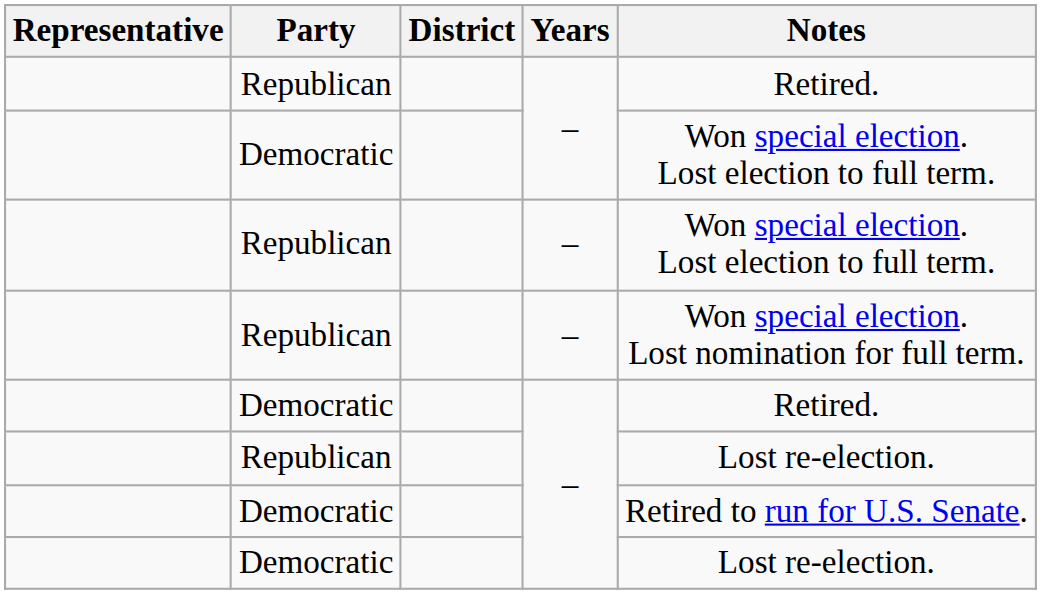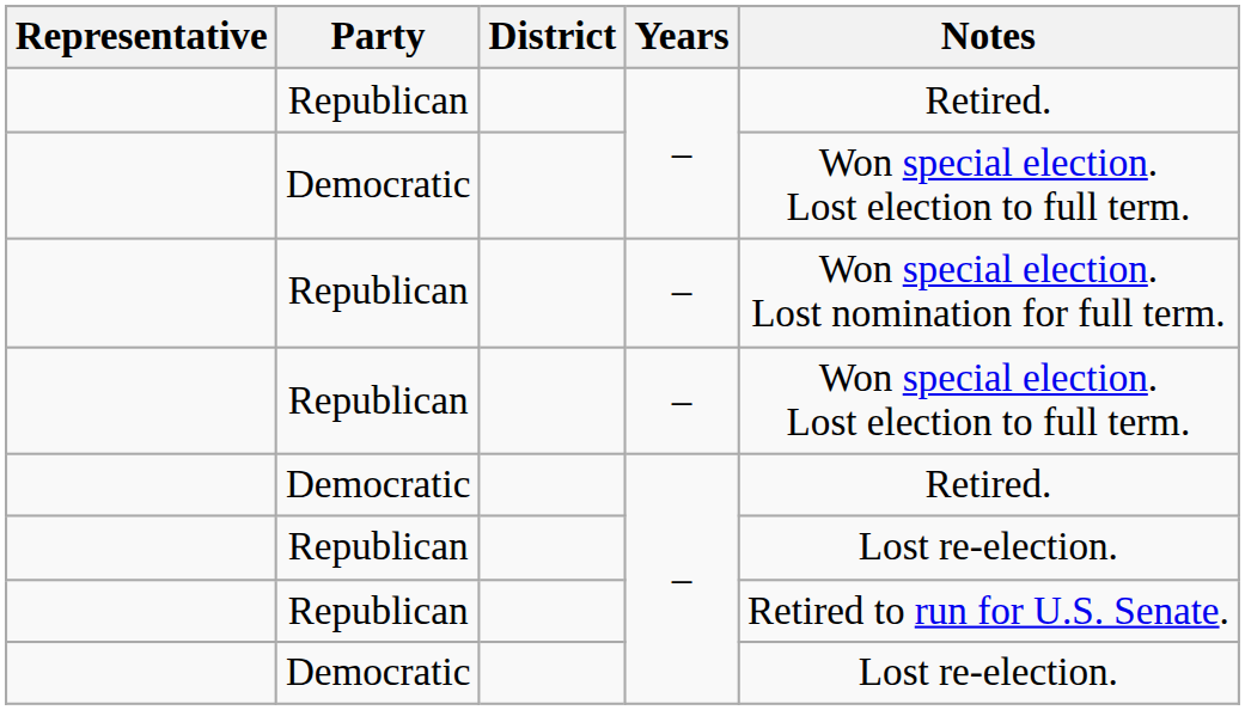 <table class="wikitable sortable" style="text-align:center">
 <tr valign=bottom>
 <th>Representative</th>
 <th>Party</th>
 <th>District</th>
 <th>Years</th>
 <th>Notes</th>
 </tr>
 <tr>
 <td align=left></td>
 <td>Republican</td>
 <td></td>
 <td rowspan="2" nowrap=""> –<br></td>
 <td>Retired.</td>
 </tr>
 <tr>
 <td align=left></td>
 <td>Democratic</td>
 <td></td>
 <td>Won <a href='#'>special election</a>.<br>Lost election to full term.</td>
 </tr>
 <tr>
 <td align=left></td>
 <td>Republican</td>
 <td></td>
 <td nowrap> –<br></td>
-<td>Won <a href='#'>special election</a>.<br>Lost election to full term.</td>
+<td>Won <a href='#'>special election</a>.<br>Lost nomination for full term.</td>
 </tr>
 <tr>
 <td align=left></td>
 <td>Republican</td>
 <td></td>
 <td nowrap> –<br></td>
-<td>Won <a href='#'>special election</a>.<br>Lost nomination for full term.</td>
+<td>Won <a href='#'>special election</a>.<br>Lost election to full term.</td>
 </tr>
 <tr>
 <td align=left></td>
 <td>Democratic</td>
 <td></td>
 <td rowspan="4" nowrap=""> –<br></td>
 <td>Retired.</td>
 </tr>
 <tr>
 <td align=left></td>
 <td>Republican</td>
 <td></td>
 <td>Lost re-election.</td>
 </tr>
 <tr>
 <td align=left></td>
-<td>Democratic</td>
+<td>Republican</td>
 <td></td>
 <td>Retired to <a href='#'>run for U.S. Senate</a>.</td>
 </tr>
 <tr>
 <td align=left></td>
 <td>Democratic</td>
 <td></td>
 <td>Lost re-election.</td>
 </tr>
 </table>
